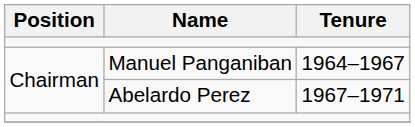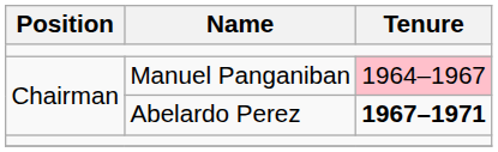 <table class="wikitable">
 <tr>
 <th>Position</th>
 <th>Name</th>
 <th>Tenure</th>
 </tr>
 <tr>
 <td colspan=3></td>
 </tr>
 <tr>
 <td rowspan="2">Chairman <br> </td>
 <td>Manuel Panganiban</td>
-<td>1964–1967</td>
+<td style="background: pink;">1964–1967</td>
 </tr>
 <tr>
 <td>Abelardo Perez</td>
-<td>1967–1971</td>
+<td><strong>1967–1971</strong></td>
 </tr>
 <tr>
 <td colspan=3></td>
 </tr>
 <tr>
 </tr>
 </table>
